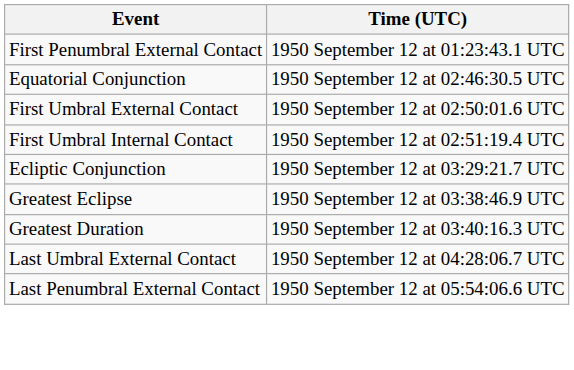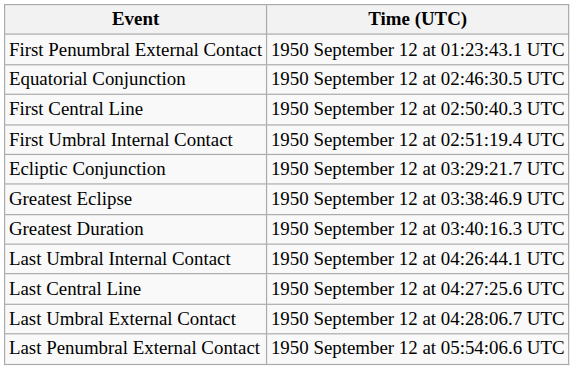 <table class="wikitable">
 <tr>
 <th>Event</th>
 <th>Time (UTC)</th>
 </tr>
 <tr>
 <td>First Penumbral External Contact</td>
 <td>1950 September 12 at 01:23:43.1 UTC</td>
 </tr>
 <tr>
 <td>Equatorial Conjunction</td>
 <td>1950 September 12 at 02:46:30.5 UTC</td>
 </tr>
 <tr>
-<td>First Umbral External Contact</td>
-<td>1950 September 12 at 02:50:01.6 UTC</td>
+<td>First Central Line</td>
+<td>1950 September 12 at 02:50:40.3 UTC</td>
 </tr>
 <tr>
 <td>First Umbral Internal Contact</td>
 <td>1950 September 12 at 02:51:19.4 UTC</td>
 </tr>
 <tr>
 <td>Ecliptic Conjunction</td>
 <td>1950 September 12 at 03:29:21.7 UTC</td>
 </tr>
 <tr>
 <td>Greatest Eclipse</td>
 <td>1950 September 12 at 03:38:46.9 UTC</td>
 </tr>
 <tr>
 <td>Greatest Duration</td>
 <td>1950 September 12 at 03:40:16.3 UTC</td>
 </tr>
 <tr>
+<td>Last Umbral Internal Contact</td>
+<td>1950 September 12 at 04:26:44.1 UTC</td>
+</tr>
+<tr>
+<td>Last Central Line</td>
+<td>1950 September 12 at 04:27:25.6 UTC</td>
+</tr>
+<tr>
 <td>Last Umbral External Contact</td>
 <td>1950 September 12 at 04:28:06.7 UTC</td>
 </tr>
 <tr>
 <td>Last Penumbral External Contact</td>
 <td>1950 September 12 at 05:54:06.6 UTC</td>
 </tr>
 </table>
